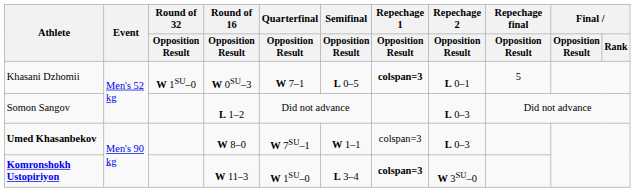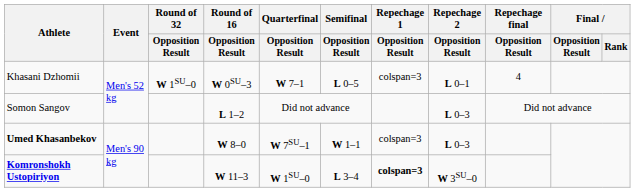 <table class=wikitable style=font-size:90%;text-align:center>
 <tr>
 <th rowspan="2">Athlete</th>
 <th rowspan="2">Event</th>
 <th>Round of 32</th>
 <th>Round of 16</th>
 <th>Quarterfinal</th>
 <th>Semifinal</th>
 <th>Repechage 1</th>
 <th>Repechage 2</th>
 <th>Repechage final</th>
 <th colspan=2>Final / </th>
 </tr>
 <tr style="font-size: 95%">
 <th>Opposition<br>Result</th>
 <th>Opposition<br>Result</th>
 <th>Opposition<br>Result</th>
 <th>Opposition<br>Result</th>
 <th>Opposition<br>Result</th>
 <th>Opposition<br>Result</th>
 <th>Opposition<br>Result</th>
 <th>Opposition<br>Result</th>
 <th>Rank</th>
 </tr>
 <tr>
 <td align=left>Khasani Dzhomii</td>
 <td align=left rowspan=2><a href='#'>Men's 52 kg</a></td>
 <td><br><strong>W</strong> 1<sup>SU</sup>–0</td>
 <td><br><strong>W</strong> 0<sup>SU</sup>–3</td>
 <td><br><strong>W</strong> 7–1</td>
 <td><br><strong>L</strong> 0–5</td>
-<td><strong>colspan=3 </strong></td>
+<td>colspan=3 </td>
 <td><br><strong>L</strong> 0–1</td>
-<td>5</td>
+<td>4</td>
 </tr>
 <tr>
 <td align=left>Somon Sangov</td>
 <td></td>
 <td><br><strong>L</strong> 1–2</td>
 <td colspan=2>Did not advance</td>
 <td></td>
 <td><br><strong>L</strong> 0–3</td>
 <td colspan=3>Did not advance</td>
 </tr>
 <tr>
 <td align=left><strong>Umed Khasanbekov</strong></td>
 <td align=left rowspan=2><a href='#'>Men's 90 kg</a></td>
 <td></td>
 <td><br><strong>W</strong> 8–0</td>
 <td><br><strong>W</strong> 7<sup>SU</sup>–1</td>
 <td><br><strong>W</strong> 1–1</td>
 <td>colspan=3 </td>
 <td><br><strong>L</strong> 0–3</td>
 <td></td>
 </tr>
 <tr>
 <td align=left><strong><a href='#'>Komronshokh Ustopiriyon</a></strong></td>
 <td></td>
 <td><br><strong>W</strong> 11–3</td>
 <td><br><strong>W</strong> 1<sup>SU</sup>–0</td>
 <td><br><strong>L</strong> 3–4</td>
 <td><strong>colspan=3 </strong></td>
 <td><br><strong>W</strong> 3<sup>SU</sup>–0</td>
 <td></td>
 </tr>
 </table>
